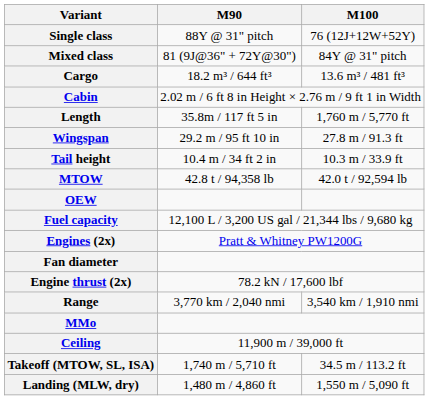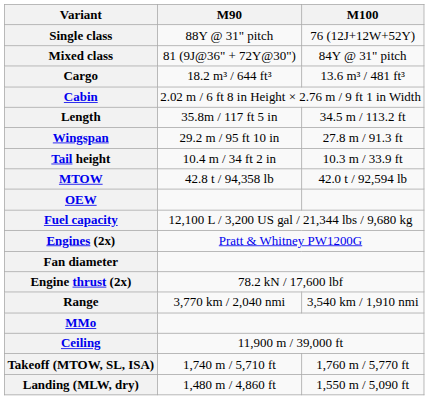 <table class=wikitable style="text-align: center;">
 <tr>
 <th>Variant</th>
 <th>M90</th>
 <th>M100</th>
 </tr>
 <tr>
 <th>Single class</th>
 <td>88Y @ 31" pitch</td>
 <td>76 (12J+12W+52Y)</td>
 </tr>
 <tr>
 <th>Mixed class</th>
 <td>81 (9J@36" + 72Y@30")</td>
 <td>84Y @ 31" pitch</td>
 </tr>
 <tr>
 <th>Cargo</th>
 <td>18.2 m³ / 644 ft³</td>
 <td>13.6 m³ / 481 ft³</td>
 </tr>
 <tr>
 <th><a href='#'>Cabin</a></th>
 <td colspan=2>2.02 m / 6 ft 8 in Height × 2.76 m / 9 ft 1 in Width</td>
 </tr>
 <tr>
 <th>Length</th>
 <td>35.8m / 117 ft 5 in</td>
-<td>1,760 m / 5,770 ft</td>
+<td>34.5 m / 113.2 ft</td>
 </tr>
 <tr>
 <th><a href='#'>Wingspan</a></th>
 <td>29.2 m / 95 ft 10 in</td>
 <td>27.8 m / 91.3 ft</td>
 </tr>
 <tr>
 <th><a href='#'>Tail</a> height</th>
 <td>10.4 m / 34 ft 2 in</td>
 <td>10.3 m / 33.9 ft</td>
 </tr>
 <tr>
 <th><a href='#'>MTOW</a></th>
 <td>42.8 t / 94,358 lb</td>
 <td>42.0 t / 92,594 lb</td>
 </tr>
 <tr>
 <th><a href='#'>OEW</a></th>
 <td></td>
 <td></td>
 </tr>
 <tr>
 <th><a href='#'>Fuel capacity</a></th>
 <td colspan=2>12,100 L / 3,200 US gal / 21,344 lbs / 9,680 kg</td>
 </tr>
 <tr>
 <th><a href='#'>Engines</a> (2x)</th>
 <td colspan=2><a href='#'>Pratt & Whitney PW1200G</a></td>
 </tr>
 <tr>
 <th>Fan diameter</th>
 <td colspan=2></td>
 </tr>
 <tr>
 <th>Engine <a href='#'>thrust</a> (2x)</th>
 <td colspan=2>78.2 kN / 17,600 lbf</td>
 </tr>
 <tr>
 <th>Range</th>
 <td>3,770 km / 2,040 nmi</td>
 <td>3,540 km / 1,910 nmi</td>
 </tr>
 <tr>
 <th><a href='#'>MMo</a></th>
 <td colspan=2></td>
 </tr>
 <tr>
 <th><a href='#'>Ceiling</a></th>
 <td colspan=3>11,900 m / 39,000 ft</td>
 </tr>
 <tr>
 <th>Takeoff (MTOW, SL, ISA)</th>
 <td>1,740 m / 5,710 ft</td>
-<td>34.5 m / 113.2 ft</td>
+<td>1,760 m / 5,770 ft</td>
 </tr>
 <tr>
 <th>Landing (MLW, dry)</th>
 <td>1,480 m / 4,860 ft</td>
 <td>1,550 m / 5,090 ft</td>
 </tr>
 </table>
